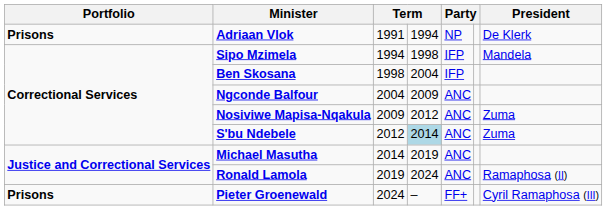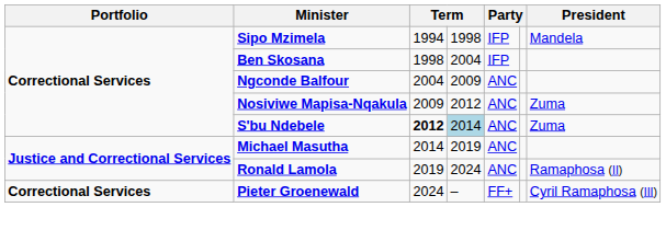 <table class="wikitable">
 <tr>
 <th>Portfolio</th>
 <th>Minister</th>
 <th colspan="2">Term</th>
 <th colspan="2">Party</th>
 <th>President</th>
-</tr>
-<tr>
-<td><strong>Prisons</strong></td>
-<td><strong><a href='#'>Adriaan Vlok</a></strong></td>
-<td>1991</td>
-<td>1994</td>
-<td><a href='#'>NP</a></td>
-<td style="background-color: "></td>
-<td><a href='#'>De Klerk</a></td>
 </tr>
 <tr>
 <td rowspan="5"><strong>Correctional Services</strong></td>
 <td><strong><a href='#'>Sipo Mzimela</a></strong></td>
 <td>1994</td>
 <td>1998</td>
 <td><a href='#'>IFP</a></td>
 <td style="background-color: "></td>
 <td><a href='#'>Mandela</a></td>
 </tr>
 <tr>
 <td><strong><a href='#'>Ben Skosana</a></strong></td>
 <td>1998</td>
 <td>2004</td>
 <td><a href='#'>IFP</a></td>
 <td style="background-color: "></td>
 <td></td>
 </tr>
 <tr>
 <td><strong><a href='#'>Ngconde Balfour</a></strong></td>
 <td>2004</td>
 <td>2009</td>
 <td><a href='#'>ANC</a></td>
 <td style="background-color: "></td>
 <td></td>
 </tr>
 <tr>
 <td><strong><a href='#'>Nosiviwe Mapisa-Nqakula</a></strong></td>
 <td>2009</td>
 <td>2012</td>
 <td><a href='#'>ANC</a></td>
 <td style="background-color: "></td>
 <td><a href='#'>Zuma</a></td>
 </tr>
 <tr>
 <td><strong><a href='#'>S'bu Ndebele</a></strong></td>
-<td>2012</td>
+<td><strong>2012</strong></td>
 <td style="background: lightblue;">2014</td>
 <td><a href='#'>ANC</a></td>
 <td style="background-color: "></td>
 <td><a href='#'>Zuma</a></td>
 </tr>
 <tr>
 <td rowspan="2"><a href='#'><strong>Justice and Correctional Services</strong></a></td>
 <td><strong><a href='#'>Michael Masutha</a></strong></td>
 <td>2014</td>
 <td>2019</td>
 <td><a href='#'>ANC</a></td>
 <td style="background-color: "></td>
 <td></td>
 </tr>
 <tr>
 <td><strong><a href='#'>Ronald Lamola</a></strong></td>
 <td>2019</td>
 <td>2024</td>
 <td><a href='#'>ANC</a></td>
 <td style="background-color: "></td>
 <td><a href='#'>Ramaphosa</a> <small>(<a href='#'>II</a>)</small></td>
 </tr>
 <tr>
-<td><strong>Prisons</strong></td>
+<td><strong>Correctional Services</strong></td>
 <td><strong><a href='#'>Pieter Groenewald</a></strong></td>
 <td>2024</td>
 <td>–</td>
 <td><a href='#'>FF+</a></td>
 <td style="background-color: "></td>
 <td><a href='#'>Cyril Ramaphosa</a> <small>(<a href='#'>III</a>)</small></td>
 </tr>
 </table>
